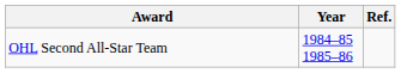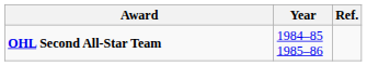 <table class="wikitable">
 <tr>
 <th scope="col" style="width:20em">Award</th>
 <th scope="col" style="width:4em">Year</th>
 <th scope="col">Ref.</th>
 </tr>
 <tr>
-<td><a href='#'>OHL</a> Second All-Star Team</td>
+<td><strong><a href='#'>OHL</a> Second All-Star Team</strong></td>
 <td><a href='#'>1984–85</a><br><a href='#'>1985–86</a></td>
 <td></td>
 </tr>
 </table>
